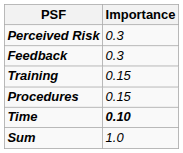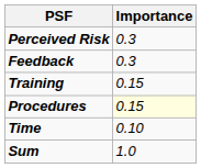 <table class="wikitable" border="1">
 <tr>
 <th>PSF</th>
 <th>Importance</th>
 </tr>
 <tr>
 <td><strong><em>Perceived Risk</em></strong></td>
 <td><em>0.3</em></td>
 </tr>
 <tr>
 <td><strong><em>Feedback</em></strong></td>
 <td><em>0.3</em></td>
 </tr>
 <tr>
 <td><strong><em>Training</em></strong></td>
 <td><em>0.15</em></td>
 </tr>
 <tr>
 <td><strong><em>Procedures</em></strong></td>
-<td><em>0.15</em></td>
+<td style="background: lightyellow;"><em>0.15</em></td>
 </tr>
 <tr>
 <td><strong><em>Time</em></strong></td>
-<td><strong><em>0.10</em></strong></td>
+<td><em>0.10</em></td>
 </tr>
 <tr>
 <td><strong><em>Sum</em></strong></td>
 <td><em>1.0</em></td>
 </tr>
 </table>
